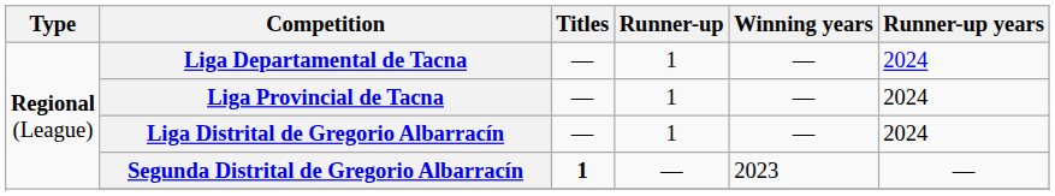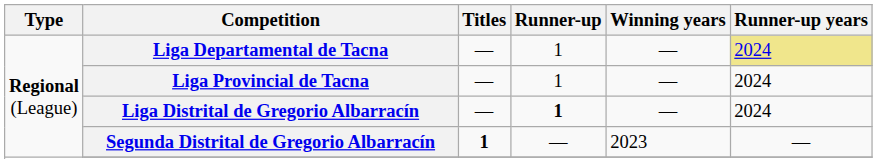 <table class="wikitable plainrowheaders" style="font-size:95%; text-align:center;">
 <tr>
 <th>Type</th>
 <th width=300px>Competition</th>
 <th>Titles</th>
 <th>Runner-up</th>
 <th>Winning years</th>
 <th>Runner-up years</th>
 </tr>
 <tr>
 <td rowspan=5><strong>Regional</strong><br>(League)</td>
 <th scope=col><a href='#'>Liga Departamental de Tacna</a></th>
 <td style="text-align:center;">—</td>
 <td>1</td>
 <td style="text-align:center;">—</td>
-<td align="left"><a href='#'>2024</a></td>
+<td align="left" style="background: khaki;"><a href='#'>2024</a></td>
 </tr>
 <tr>
 <th scope=col><a href='#'>Liga Provincial de Tacna</a></th>
 <td style="text-align:center;">—</td>
 <td>1</td>
 <td style="text-align:center;">—</td>
 <td align="left">2024</td>
 </tr>
 <tr>
 <th scope=col><a href='#'>Liga Distrital de Gregorio Albarracín</a></th>
 <td style="text-align:center;">—</td>
-<td>1</td>
+<td><strong>1</strong></td>
 <td style="text-align:center;">—</td>
 <td align="left">2024</td>
 </tr>
 <tr>
 <th scope=col><a href='#'>Segunda Distrital de Gregorio Albarracín</a></th>
 <td><strong>1</strong></td>
 <td style="text-align:center;">—</td>
 <td align="left">2023</td>
 <td style="text-align:center;">—</td>
 </tr>
 <tr>
 </tr>
 </table>
